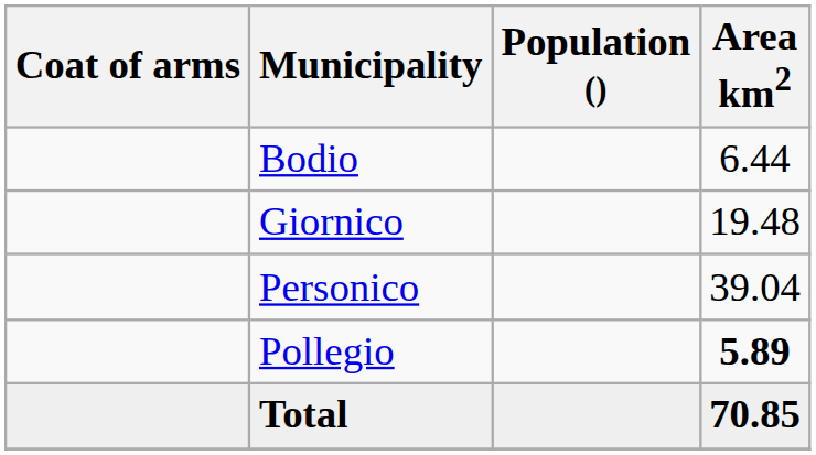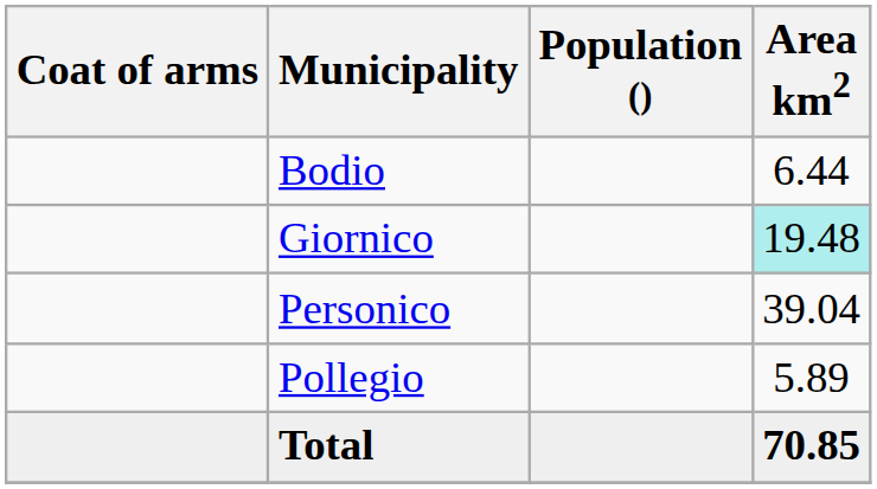 <table class="wikitable">
 <tr>
 <th>Coat of arms</th>
 <th>Municipality</th>
 <th>Population<br><small>()</small></th>
 <th>Area <br>km<sup>2</sup></th>
 </tr>
 <tr>
 <td></td>
 <td><a href='#'>Bodio</a></td>
 <td align="center"></td>
 <td align="center">6.44</td>
 </tr>
 <tr>
 <td></td>
 <td><a href='#'>Giornico</a></td>
 <td align="center"></td>
-<td align="center">19.48</td>
+<td align="center" style="background: paleturquoise;">19.48</td>
 </tr>
 <tr>
 <td></td>
 <td><a href='#'>Personico</a></td>
 <td align="center"></td>
 <td align="center">39.04</td>
 </tr>
 <tr>
 <td></td>
 <td><a href='#'>Pollegio</a></td>
 <td align="center"></td>
-<td align="center"><strong>5.89</strong></td>
+<td align="center">5.89</td>
 </tr>
 <tr>
 <td bgcolor="#EFEFEF"></td>
 <td bgcolor="#EFEFEF"><strong>Total</strong></td>
 <td bgcolor="#EFEFEF" align="center"></td>
 <td bgcolor="#EFEFEF" align="center"><strong>70.85</strong></td>
 </tr>
 <tr>
 </tr>
 </table>
